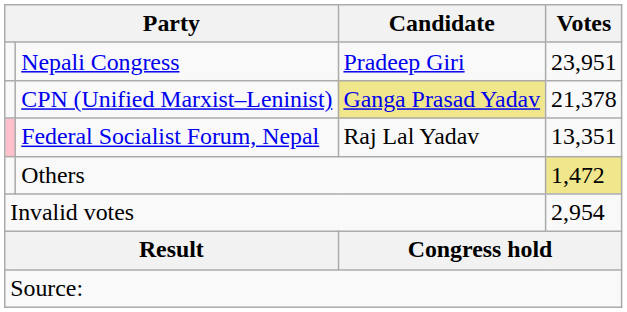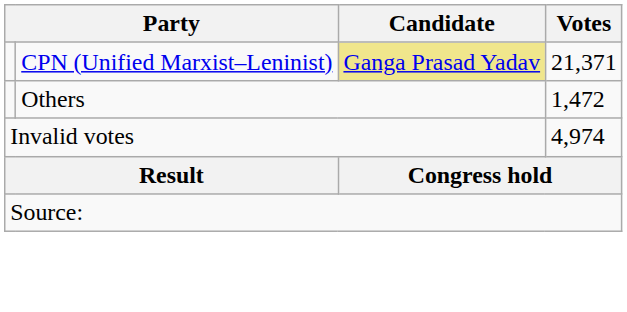 <table class="wikitable">
 <tr>
 <th colspan="2">Party</th>
 <th>Candidate</th>
 <th>Votes</th>
 </tr>
 <tr>
 <td style="background-color:"></td>
-<td><a href='#'>Nepali Congress</a></td>
-<td><a href='#'>Pradeep Giri</a></td>
-<td>23,951</td>
-</tr>
-<tr>
-<td style="background-color:"></td>
 <td><a href='#'>CPN (Unified Marxist–Leninist)</a></td>
 <td style="background: khaki;"><a href='#'>Ganga Prasad Yadav</a></td>
-<td>21,378</td>
-</tr>
-<tr>
-<td style="background-color:pink"></td>
-<td><a href='#'>Federal Socialist Forum, Nepal</a></td>
-<td>Raj Lal Yadav</td>
-<td>13,351</td>
+<td>21,371</td>
 </tr>
 <tr>
 <td></td>
 <td colspan="2">Others</td>
-<td style="background: khaki;">1,472</td>
+<td>1,472</td>
 </tr>
 <tr>
 <td colspan="3">Invalid votes</td>
-<td>2,954</td>
+<td>4,974</td>
 </tr>
 <tr>
 <th colspan="2">Result</th>
 <th colspan="2">Congress hold</th>
 </tr>
 <tr>
 <td colspan="4">Source: </td>
 </tr>
 </table>
